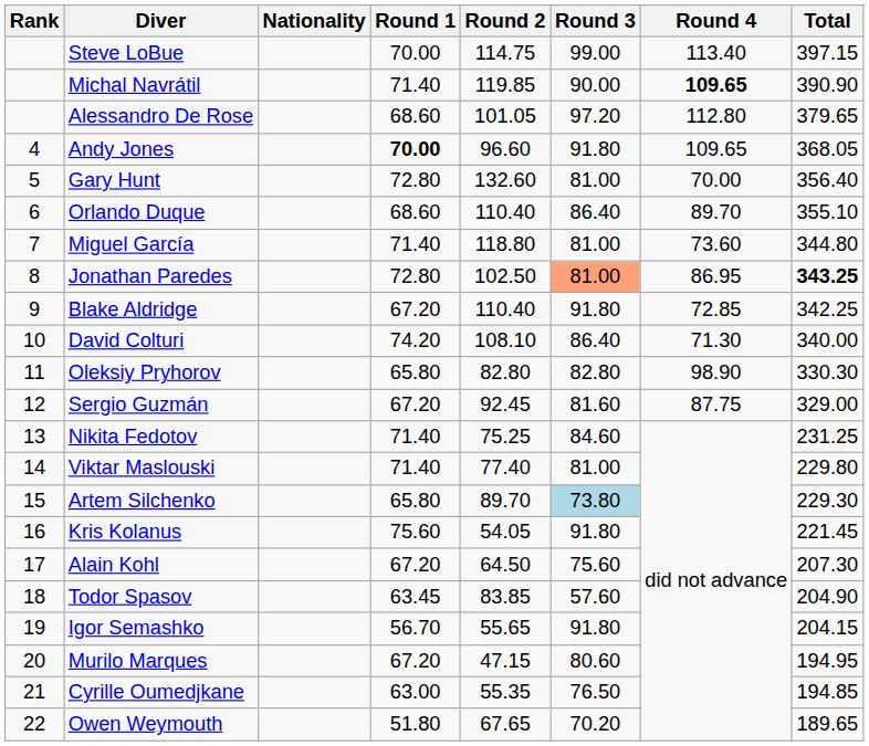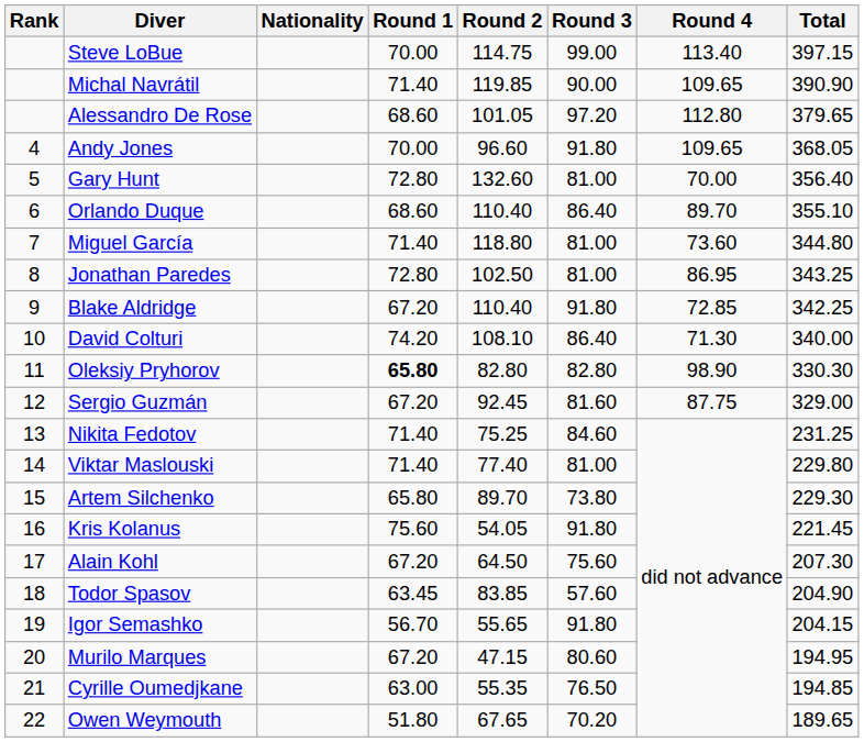 <table class="wikitable sortable" style="text-align:center">
 <tr>
 <th>Rank</th>
 <th>Diver</th>
 <th>Nationality</th>
 <th>Round 1</th>
 <th>Round 2</th>
 <th>Round 3</th>
 <th>Round 4</th>
 <th>Total</th>
 </tr>
 <tr>
 <td></td>
 <td align=left><a href='#'>Steve LoBue</a></td>
 <td align=left></td>
 <td>70.00</td>
 <td>114.75</td>
 <td>99.00</td>
 <td>113.40</td>
 <td>397.15</td>
 </tr>
 <tr>
 <td></td>
 <td align=left><a href='#'>Michal Navrátil</a></td>
 <td align=left></td>
 <td>71.40</td>
 <td>119.85</td>
 <td>90.00</td>
-<td><strong>109.65</strong></td>
+<td>109.65</td>
 <td>390.90</td>
 </tr>
 <tr>
 <td></td>
 <td align=left><a href='#'>Alessandro De Rose</a></td>
 <td align=left></td>
 <td>68.60</td>
 <td>101.05</td>
 <td>97.20</td>
 <td>112.80</td>
 <td>379.65</td>
 </tr>
 <tr>
 <td>4</td>
 <td align=left><a href='#'>Andy Jones</a></td>
 <td align=left></td>
-<td><strong>70.00</strong></td>
+<td>70.00</td>
 <td>96.60</td>
 <td>91.80</td>
 <td>109.65</td>
 <td>368.05</td>
 </tr>
 <tr>
 <td>5</td>
 <td align=left><a href='#'>Gary Hunt</a></td>
 <td align=left></td>
 <td>72.80</td>
 <td>132.60</td>
 <td>81.00</td>
 <td>70.00</td>
 <td>356.40</td>
 </tr>
 <tr>
 <td>6</td>
 <td align=left><a href='#'>Orlando Duque</a></td>
 <td align=left></td>
 <td>68.60</td>
 <td>110.40</td>
 <td>86.40</td>
 <td>89.70</td>
 <td>355.10</td>
 </tr>
 <tr>
 <td>7</td>
 <td align=left><a href='#'>Miguel García</a></td>
 <td align=left></td>
 <td>71.40</td>
 <td>118.80</td>
 <td>81.00</td>
 <td>73.60</td>
 <td>344.80</td>
 </tr>
 <tr>
 <td>8</td>
 <td align=left><a href='#'>Jonathan Paredes</a></td>
 <td align=left></td>
 <td>72.80</td>
 <td>102.50</td>
-<td style="background: lightsalmon;">81.00</td>
+<td>81.00</td>
 <td>86.95</td>
-<td><strong>343.25</strong></td>
+<td>343.25</td>
 </tr>
 <tr>
 <td>9</td>
 <td align=left><a href='#'>Blake Aldridge</a></td>
 <td align=left></td>
 <td>67.20</td>
 <td>110.40</td>
 <td>91.80</td>
 <td>72.85</td>
 <td>342.25</td>
 </tr>
 <tr>
 <td>10</td>
 <td align=left><a href='#'>David Colturi</a></td>
 <td align=left></td>
 <td>74.20</td>
 <td>108.10</td>
 <td>86.40</td>
 <td>71.30</td>
 <td>340.00</td>
 </tr>
 <tr>
 <td>11</td>
 <td align=left><a href='#'>Oleksiy Pryhorov</a></td>
 <td align=left></td>
-<td>65.80</td>
+<td><strong>65.80</strong></td>
 <td>82.80</td>
 <td>82.80</td>
 <td>98.90</td>
 <td>330.30</td>
 </tr>
 <tr>
 <td>12</td>
 <td align=left><a href='#'>Sergio Guzmán</a></td>
 <td align=left></td>
 <td>67.20</td>
 <td>92.45</td>
 <td>81.60</td>
 <td>87.75</td>
 <td>329.00</td>
 </tr>
 <tr>
 <td>13</td>
 <td align=left><a href='#'>Nikita Fedotov</a></td>
 <td align=left></td>
 <td>71.40</td>
 <td>75.25</td>
 <td>84.60</td>
 <td rowspan=10>did not advance</td>
 <td>231.25</td>
 </tr>
 <tr>
 <td>14</td>
 <td align=left><a href='#'>Viktar Maslouski</a></td>
 <td align=left></td>
 <td>71.40</td>
 <td>77.40</td>
 <td>81.00</td>
 <td>229.80</td>
 </tr>
 <tr>
 <td>15</td>
 <td align=left><a href='#'>Artem Silchenko</a></td>
 <td align=left></td>
 <td>65.80</td>
 <td>89.70</td>
-<td style="background: lightblue;">73.80</td>
+<td>73.80</td>
 <td>229.30</td>
 </tr>
 <tr>
 <td>16</td>
 <td align=left><a href='#'>Kris Kolanus</a></td>
 <td align=left></td>
 <td>75.60</td>
 <td>54.05</td>
 <td>91.80</td>
 <td>221.45</td>
 </tr>
 <tr>
 <td>17</td>
 <td align=left><a href='#'>Alain Kohl</a></td>
 <td align=left></td>
 <td>67.20</td>
 <td>64.50</td>
 <td>75.60</td>
 <td>207.30</td>
 </tr>
 <tr>
 <td>18</td>
 <td align=left><a href='#'>Todor Spasov</a></td>
 <td align=left></td>
 <td>63.45</td>
 <td>83.85</td>
 <td>57.60</td>
 <td>204.90</td>
 </tr>
 <tr>
 <td>19</td>
 <td align=left><a href='#'>Igor Semashko</a></td>
 <td align=left></td>
 <td>56.70</td>
 <td>55.65</td>
 <td>91.80</td>
 <td>204.15</td>
 </tr>
 <tr>
 <td>20</td>
 <td align=left><a href='#'>Murilo Marques</a></td>
 <td align=left></td>
 <td>67.20</td>
 <td>47.15</td>
 <td>80.60</td>
 <td>194.95</td>
 </tr>
 <tr>
 <td>21</td>
 <td align=left><a href='#'>Cyrille Oumedjkane</a></td>
 <td align=left></td>
 <td>63.00</td>
 <td>55.35</td>
 <td>76.50</td>
 <td>194.85</td>
 </tr>
 <tr>
 <td>22</td>
 <td align=left><a href='#'>Owen Weymouth</a></td>
 <td align=left></td>
 <td>51.80</td>
 <td>67.65</td>
 <td>70.20</td>
 <td>189.65</td>
 </tr>
 </table>
